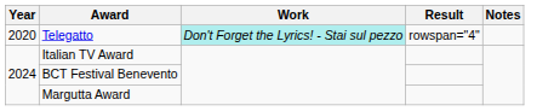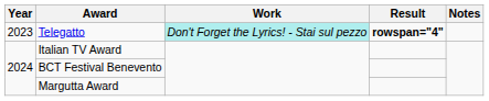 <table class="wikitable">
 <tr>
 <th>Year</th>
 <th>Award</th>
 <th>Work</th>
 <th>Result</th>
 <th>Notes</th>
 </tr>
 <tr>
-<td>2020</td>
+<td>2023</td>
 <td><a href='#'>Telegatto</a></td>
 <td style="background: paleturquoise;"><em>Don't Forget the Lyrics! - Stai sul pezzo</em></td>
-<td>rowspan="4" </td>
+<td><strong>rowspan="4" </strong></td>
 <td></td>
 </tr>
 <tr>
 <td rowspan="3">2024</td>
 <td>Italian TV Award</td>
 <td rowspan="3"></td>
 <td></td>
 </tr>
 <tr>
 <td>BCT Festival Benevento</td>
 <td></td>
 </tr>
 <tr>
 <td>Margutta Award</td>
 <td></td>
 </tr>
 </table>
